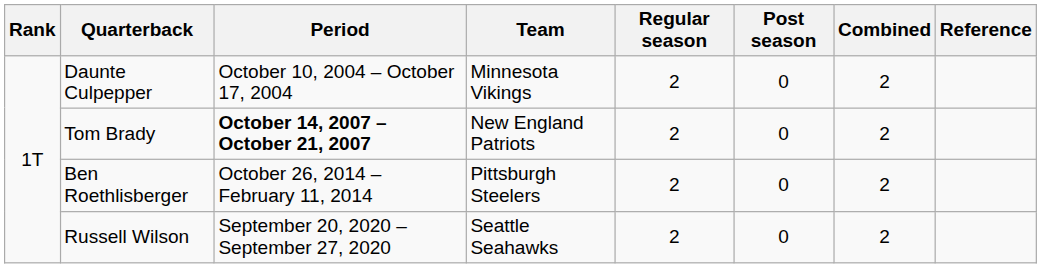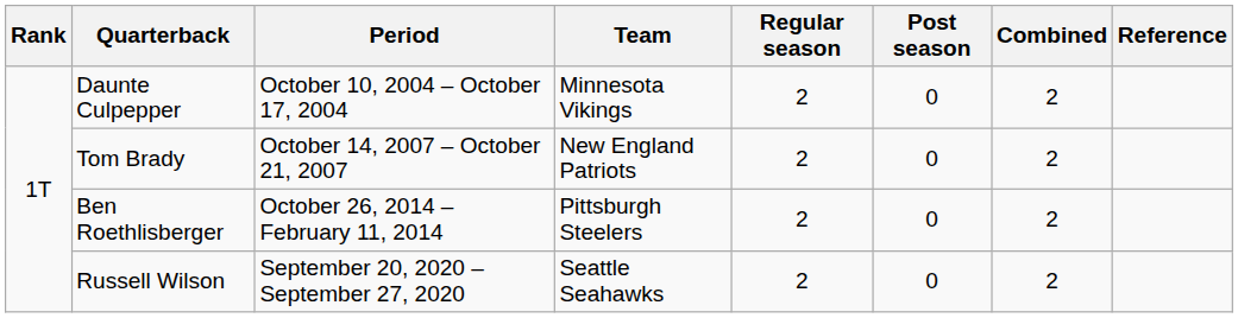 <table class="wikitable">
 <tr>
 <th>Rank</th>
 <th>Quarterback</th>
 <th>Period</th>
 <th>Team</th>
 <th>Regular season</th>
 <th>Post season</th>
 <th>Combined</th>
 <th>Reference</th>
 </tr>
 <tr>
 <td style="text-align:center;" rowspan="4">1T</td>
 <td>Daunte Culpepper</td>
 <td>October 10, 2004 – October 17, 2004</td>
 <td>Minnesota Vikings</td>
 <td style="text-align:center;">2</td>
 <td style="text-align:center;">0</td>
 <td style="text-align:center;">2</td>
 <td style="text-align:center;"></td>
 </tr>
 <tr>
 <td>Tom Brady</td>
-<td><strong>October 14, 2007 – October 21, 2007</strong></td>
+<td>October 14, 2007 – October 21, 2007</td>
 <td>New England Patriots</td>
 <td style="text-align:center;">2</td>
 <td style="text-align:center;">0</td>
 <td style="text-align:center;">2</td>
 <td style="text-align:center;"></td>
 </tr>
 <tr>
 <td>Ben Roethlisberger</td>
 <td>October 26, 2014 – February 11, 2014</td>
 <td>Pittsburgh Steelers</td>
 <td style="text-align:center;">2</td>
 <td style="text-align:center;">0</td>
 <td style="text-align:center;">2</td>
 <td style="text-align:center;"></td>
 </tr>
 <tr>
 <td>Russell Wilson</td>
 <td>September 20, 2020 – September 27, 2020</td>
 <td>Seattle Seahawks</td>
 <td style="text-align:center;">2</td>
 <td style="text-align:center;">0</td>
 <td style="text-align:center;">2</td>
 <td style="text-align:center;"></td>
 </tr>
 </table>
